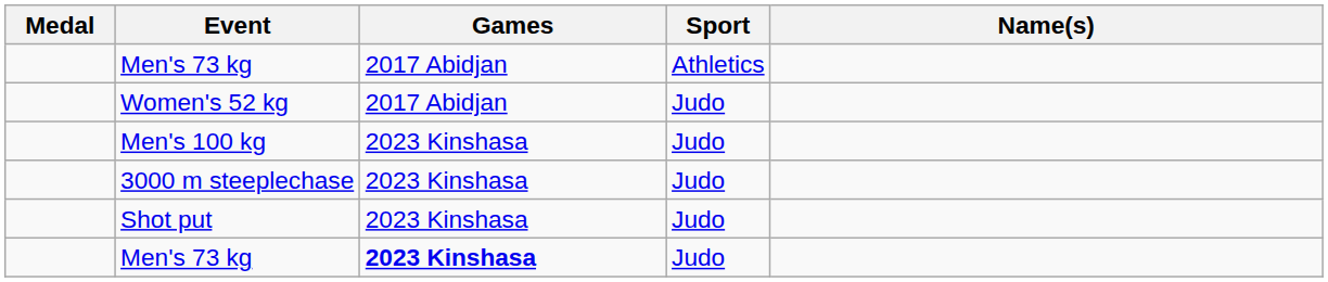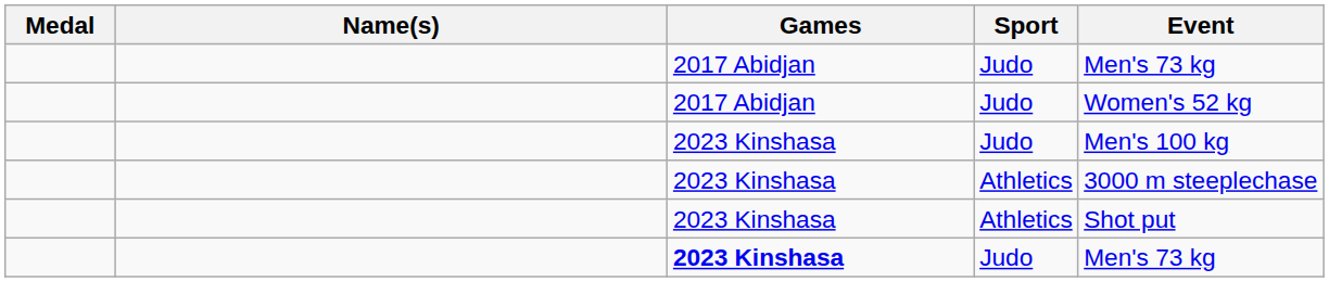 <table class="wikitable sortable" style="font-size: 95%;">
 <tr>
 <th style="width:4em">Medal</th>
-<th>Event</th>
+<th style="width:22em">Name(s)</th>
 <th style="width:12em">Games</th>
 <th>Sport</th>
-<th style="width:22em">Name(s)</th>
+<th>Event</th>
 </tr>
 <tr>
 <td></td>
+<td></td>
+<td> <a href='#'>2017 Abidjan</a></td>
+<td> <a href='#'>Judo</a></td>
 <td><a href='#'>Men's 73 kg</a></td>
-<td> <a href='#'>2017 Abidjan</a></td>
-<td> <a href='#'>Athletics</a></td>
-<td></td>
 </tr>
 <tr>
 <td></td>
-<td><a href='#'>Women's 52 kg</a></td>
+<td></td>
 <td> <a href='#'>2017 Abidjan</a></td>
 <td> <a href='#'>Judo</a></td>
-<td></td>
+<td><a href='#'>Women's 52 kg</a></td>
 </tr>
 <tr>
 <td></td>
-<td><a href='#'>Men's 100 kg</a></td>
+<td></td>
 <td> <a href='#'>2023 Kinshasa</a></td>
 <td> <a href='#'>Judo</a></td>
-<td></td>
+<td><a href='#'>Men's 100 kg</a></td>
 </tr>
 <tr>
 <td></td>
+<td></td>
+<td> <a href='#'>2023 Kinshasa</a></td>
+<td> <a href='#'>Athletics</a></td>
 <td><a href='#'>3000 m steeplechase</a></td>
-<td> <a href='#'>2023 Kinshasa</a></td>
-<td> <a href='#'>Judo</a></td>
-<td></td>
 </tr>
 <tr>
 <td></td>
+<td></td>
+<td> <a href='#'>2023 Kinshasa</a></td>
+<td> <a href='#'>Athletics</a></td>
 <td><a href='#'>Shot put</a></td>
-<td> <a href='#'>2023 Kinshasa</a></td>
-<td> <a href='#'>Judo</a></td>
-<td></td>
 </tr>
 <tr>
 <td></td>
-<td><a href='#'>Men's 73 kg</a></td>
+<td></td>
 <td><strong> <a href='#'>2023 Kinshasa</a></strong></td>
 <td> <a href='#'>Judo</a></td>
-<td></td>
+<td><a href='#'>Men's 73 kg</a></td>
 </tr>
 </table>
